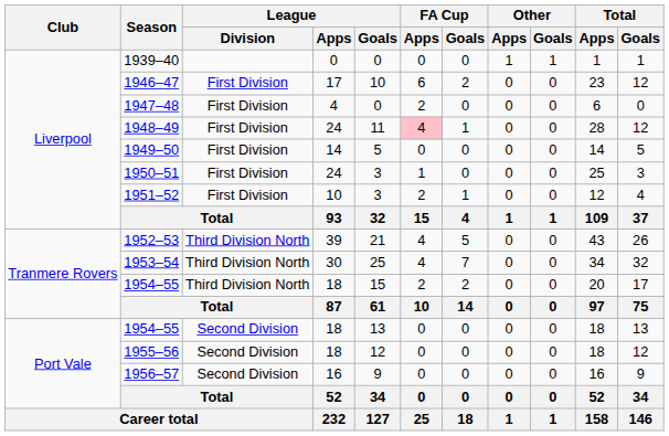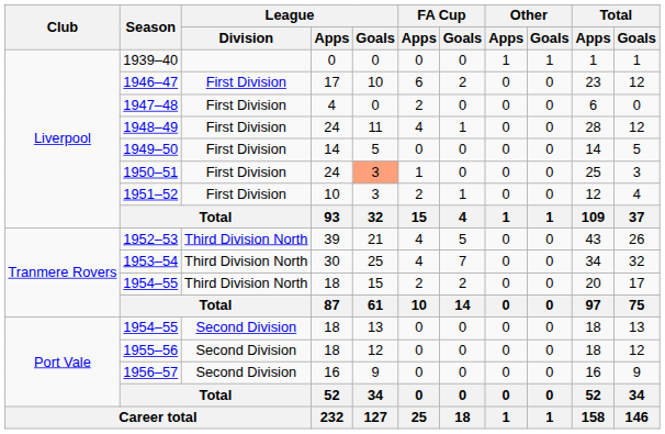 <table class="wikitable" style="text-align:center">
 <tr>
 <th rowspan="2">Club</th>
 <th rowspan="2">Season</th>
 <th colspan="3">League</th>
 <th colspan="2">FA Cup</th>
 <th colspan="2">Other</th>
 <th colspan="2">Total</th>
 </tr>
 <tr>
 <th>Division</th>
 <th>Apps</th>
 <th>Goals</th>
 <th>Apps</th>
 <th>Goals</th>
 <th>Apps</th>
 <th>Goals</th>
 <th>Apps</th>
 <th>Goals</th>
 </tr>
 <tr>
 <td rowspan="8"><a href='#'>Liverpool</a></td>
 <td>1939–40</td>
 <td></td>
 <td>0</td>
 <td>0</td>
 <td>0</td>
 <td>0</td>
 <td>1</td>
 <td>1</td>
 <td>1</td>
 <td>1</td>
 </tr>
 <tr>
 <td><a href='#'>1946–47</a></td>
 <td><a href='#'>First Division</a></td>
 <td>17</td>
 <td>10</td>
 <td>6</td>
 <td>2</td>
 <td>0</td>
 <td>0</td>
 <td>23</td>
 <td>12</td>
 </tr>
 <tr>
 <td><a href='#'>1947–48</a></td>
 <td>First Division</td>
 <td>4</td>
 <td>0</td>
 <td>2</td>
 <td>0</td>
 <td>0</td>
 <td>0</td>
 <td>6</td>
 <td>0</td>
 </tr>
 <tr>
 <td><a href='#'>1948–49</a></td>
 <td>First Division</td>
 <td>24</td>
 <td>11</td>
-<td style="background: pink;">4</td>
+<td>4</td>
 <td>1</td>
 <td>0</td>
 <td>0</td>
 <td>28</td>
 <td>12</td>
 </tr>
 <tr>
 <td><a href='#'>1949–50</a></td>
 <td>First Division</td>
 <td>14</td>
 <td>5</td>
 <td>0</td>
 <td>0</td>
 <td>0</td>
 <td>0</td>
 <td>14</td>
 <td>5</td>
 </tr>
 <tr>
 <td><a href='#'>1950–51</a></td>
 <td>First Division</td>
 <td>24</td>
-<td>3</td>
+<td style="background: lightsalmon;">3</td>
 <td>1</td>
 <td>0</td>
 <td>0</td>
 <td>0</td>
 <td>25</td>
 <td>3</td>
 </tr>
 <tr>
 <td><a href='#'>1951–52</a></td>
 <td>First Division</td>
 <td>10</td>
 <td>3</td>
 <td>2</td>
 <td>1</td>
 <td>0</td>
 <td>0</td>
 <td>12</td>
 <td>4</td>
 </tr>
 <tr>
 <th colspan="2">Total</th>
 <th>93</th>
 <th>32</th>
 <th>15</th>
 <th>4</th>
 <th>1</th>
 <th>1</th>
 <th>109</th>
 <th>37</th>
 </tr>
 <tr>
 <td rowspan="4"><a href='#'>Tranmere Rovers</a></td>
 <td><a href='#'>1952–53</a></td>
 <td><a href='#'>Third Division North</a></td>
 <td>39</td>
 <td>21</td>
 <td>4</td>
 <td>5</td>
 <td>0</td>
 <td>0</td>
 <td>43</td>
 <td>26</td>
 </tr>
 <tr>
 <td><a href='#'>1953–54</a></td>
 <td>Third Division North</td>
 <td>30</td>
 <td>25</td>
 <td>4</td>
 <td>7</td>
 <td>0</td>
 <td>0</td>
 <td>34</td>
 <td>32</td>
 </tr>
 <tr>
 <td><a href='#'>1954–55</a></td>
 <td>Third Division North</td>
 <td>18</td>
 <td>15</td>
 <td>2</td>
 <td>2</td>
 <td>0</td>
 <td>0</td>
 <td>20</td>
 <td>17</td>
 </tr>
 <tr>
 <th colspan="2">Total</th>
 <th>87</th>
 <th>61</th>
 <th>10</th>
 <th>14</th>
 <th>0</th>
 <th>0</th>
 <th>97</th>
 <th>75</th>
 </tr>
 <tr>
 <td rowspan="4"><a href='#'>Port Vale</a></td>
 <td><a href='#'>1954–55</a></td>
 <td><a href='#'>Second Division</a></td>
 <td>18</td>
 <td>13</td>
 <td>0</td>
 <td>0</td>
 <td>0</td>
 <td>0</td>
 <td>18</td>
 <td>13</td>
 </tr>
 <tr>
 <td><a href='#'>1955–56</a></td>
 <td>Second Division</td>
 <td>18</td>
 <td>12</td>
 <td>0</td>
 <td>0</td>
 <td>0</td>
 <td>0</td>
 <td>18</td>
 <td>12</td>
 </tr>
 <tr>
 <td><a href='#'>1956–57</a></td>
 <td>Second Division</td>
 <td>16</td>
 <td>9</td>
 <td>0</td>
 <td>0</td>
 <td>0</td>
 <td>0</td>
 <td>16</td>
 <td>9</td>
 </tr>
 <tr>
 <th colspan="2">Total</th>
 <th>52</th>
 <th>34</th>
 <th>0</th>
 <th>0</th>
 <th>0</th>
 <th>0</th>
 <th>52</th>
 <th>34</th>
 </tr>
 <tr>
 <th colspan="3">Career total</th>
 <th>232</th>
 <th>127</th>
 <th>25</th>
 <th>18</th>
 <th>1</th>
 <th>1</th>
 <th>158</th>
 <th>146</th>
 </tr>
 </table>
